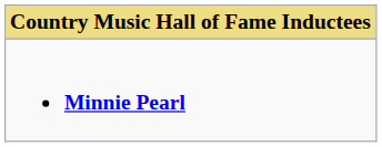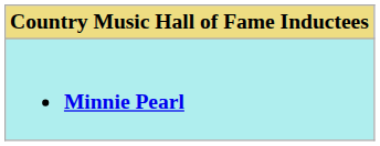 <table class="wikitable">
 <tr>
 <th style="background:#EEDD82; width=50%">Country Music Hall of Fame Inductees</th>
 </tr>
 <tr>
-<td valign="top"><br><ul><li><strong><a href='#'>Minnie Pearl</a></strong></li></ul></td>
+<td valign="top" style="background: paleturquoise;"><br><ul><li><strong><a href='#'>Minnie Pearl</a></strong></li></ul></td>
 </tr>
 </table>
